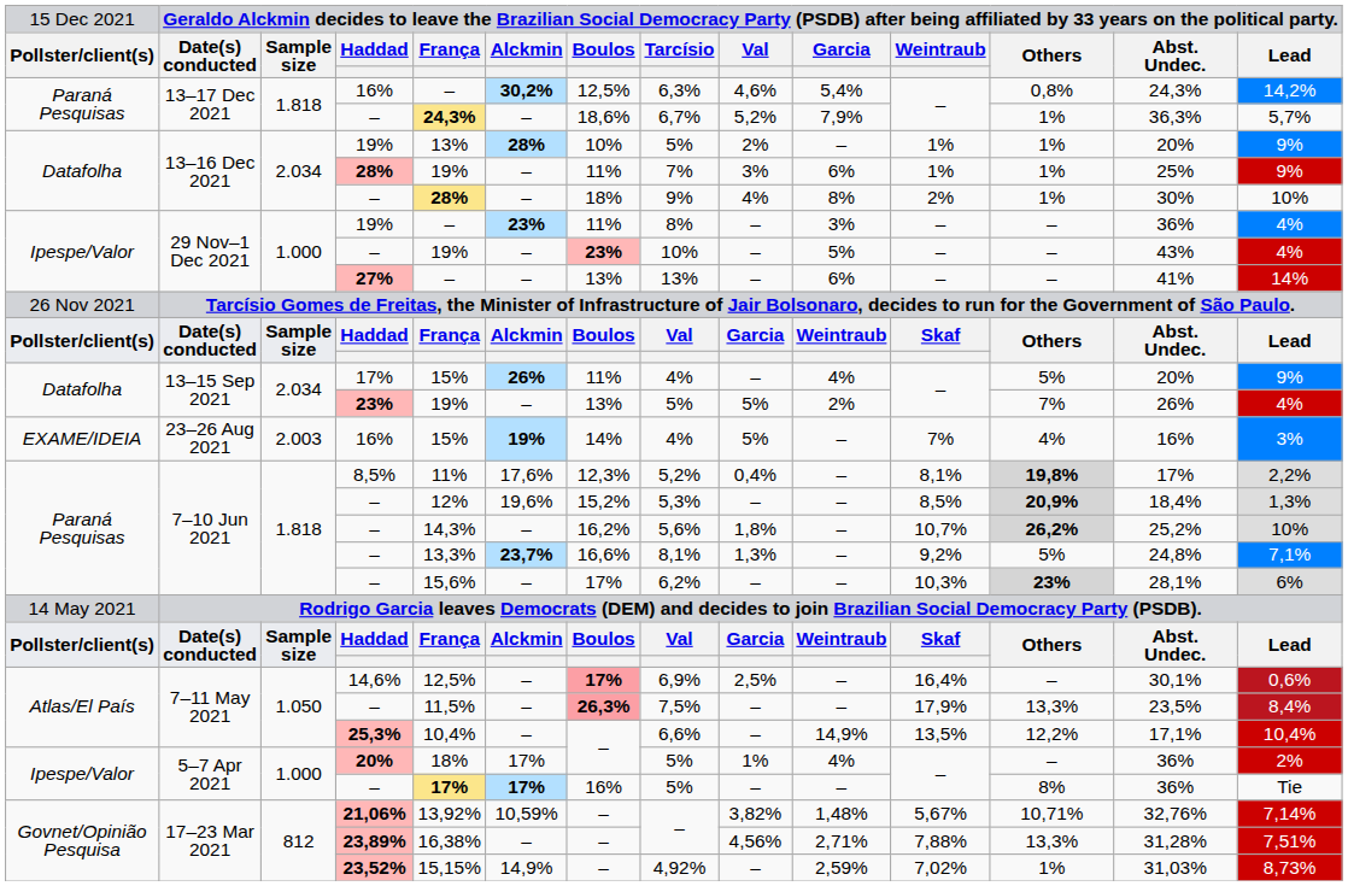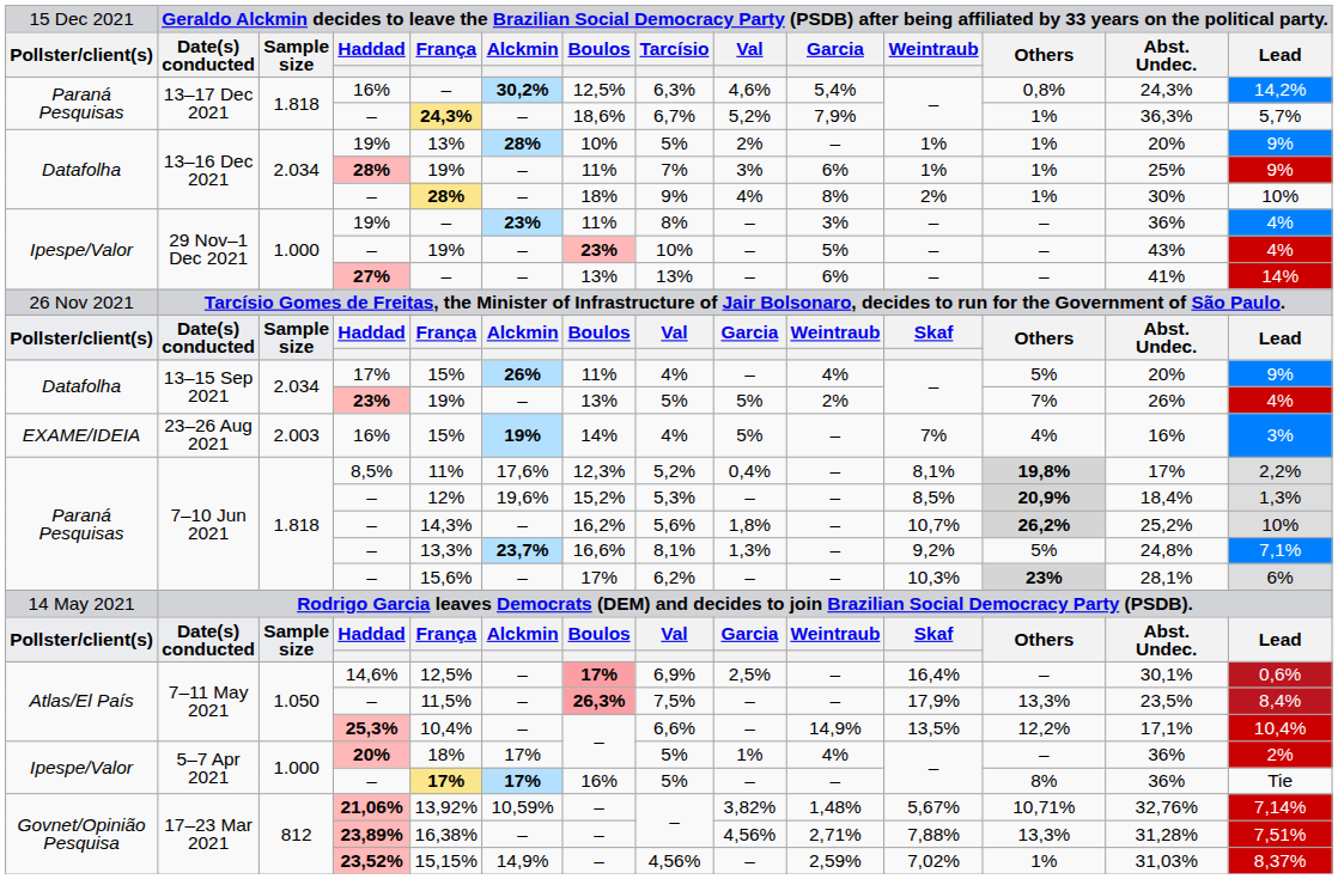 <table class="wikitable sortable" style="text-align:center;font-size:90%;line-height:14px;">
 <tr>
 <td data-sort-type="number" class="sortable" style="background:#d1d3d7;">15 Dec 2021</td>
 <td colspan="13"  data-sort-type="number" class="sortable" style="background:#d1d3d7;"><strong><a href='#'>Geraldo Alckmin</a> decides to leave the <a href='#'>Brazilian Social Democracy Party</a> (PSDB) after being affiliated by 33 years on the political party.</strong></td>
 </tr>
 <tr>
 <th rowspan="2">Pollster/client(s)</th>
 <th rowspan="2">Date(s)<br>conducted</th>
 <th rowspan="2" data-sort-type="number">Sample<br>size</th>
 <th class="unsortable" style="width:50px;"><a href='#'>Haddad</a><br></th>
 <th class="unsortable" style="width:50px;"><a href='#'>França</a><br></th>
 <th class="unsortable" style="width:50px;"><a href='#'>Alckmin</a><br></th>
 <th class="unsortable" style="width:50px;"><a href='#'>Boulos</a><br></th>
 <th class="unsortable" style="width:50px;"><a href='#'>Tarcísio</a><br></th>
 <th class="unsortable" style="width:50px;"><a href='#'>Val</a><br></th>
 <th class="unsortable" style="width:50px;"><a href='#'>Garcia</a><br></th>
 <th class="unsortable" style="width:50px;"><a href='#'>Weintraub</a><br></th>
 <th rowspan="2" class="unsortable">Others</th>
 <th rowspan="2" class="unsortable">Abst.<br>Undec.</th>
 <th rowspan="2" data-sort-type="number">Lead</th>
 </tr>
 <tr>
 <th data-sort-type="number" class="sortable" style="background:"></th>
 <th data-sort-type="number" class="sortable" style="background:"></th>
 <th data-sort-type="number" class="sortable" style="background:"></th>
 <th data-sort-type="number" class="sortable" style="background:"></th>
 <th data-sort-type="number" class="sortable" style="background:"></th>
 <th data-sort-type="number" class="sortable" style="background:"></th>
 <th data-sort-type="number" class="sortable" style="background:"></th>
 <th data-sort-type="number" class="sortable" style="background:"></th>
 </tr>
 <tr>
 <td rowspan="2"><em>Paraná Pesquisas</em></td>
 <td rowspan="2">13–17 Dec 2021</td>
 <td rowspan="2">1.818</td>
 <td>16%</td>
 <td>–</td>
 <td style="background:#B3E0FF;"><strong>30,2%</strong></td>
 <td>12,5%</td>
 <td>6,3%</td>
 <td>4,6%</td>
 <td>5,4%</td>
 <td rowspan="2">–</td>
 <td>0,8%</td>
 <td>24,3%</td>
 <td style="background:#0080FF;color:#FFFFFF;">14,2%</td>
 </tr>
 <tr>
 <td>–</td>
 <td style="background:#fce68b;"><strong>24,3%</strong></td>
 <td>–</td>
 <td>18,6%</td>
 <td>6,7%</td>
 <td>5,2%</td>
 <td>7,9%</td>
 <td>1%</td>
 <td>36,3%</td>
 <td style="background:">5,7%</td>
 </tr>
 <tr>
 <td rowspan="3"><em>Datafolha</em></td>
 <td rowspan="3">13–16 Dec 2021</td>
 <td rowspan="3">2.034</td>
 <td>19%</td>
 <td>13%</td>
 <td style="background:#B3E0FF;"><strong>28%</strong></td>
 <td>10%</td>
 <td>5%</td>
 <td>2%</td>
 <td>–</td>
 <td>1%</td>
 <td>1%</td>
 <td>20%</td>
 <td style="background:#0080FF;color:#FFFFFF">9%</td>
 </tr>
 <tr>
 <td style="background:#ffb7b7;"><strong>28%</strong></td>
 <td>19%</td>
 <td>–</td>
 <td>11%</td>
 <td>7%</td>
 <td>3%</td>
 <td>6%</td>
 <td>1%</td>
 <td>1%</td>
 <td>25%</td>
 <td style="background:#CC0000;color:#FFFFFF;">9%</td>
 </tr>
 <tr>
 <td>–</td>
 <td style="background:#FCE68B;"><strong>28%</strong></td>
 <td>–</td>
 <td>18%</td>
 <td>9%</td>
 <td>4%</td>
 <td>8%</td>
 <td>2%</td>
 <td>1%</td>
 <td>30%</td>
 <td style="background:">10%</td>
 </tr>
 <tr>
 <td rowspan="3"><em>Ipespe/Valor</em></td>
 <td rowspan="3">29 Nov–1 Dec 2021</td>
 <td rowspan="3">1.000</td>
 <td>19%</td>
 <td>–</td>
 <td style="background:#B3E0FF;"><strong>23%</strong></td>
 <td>11%</td>
 <td>8%</td>
 <td>–</td>
 <td>3%</td>
 <td>–</td>
 <td>–</td>
 <td>36%</td>
 <td style="background:#0080FF;color:#FFFFFF">4%</td>
 </tr>
 <tr>
 <td>–</td>
 <td>19%</td>
 <td>–</td>
 <td style="background:#ffb7b7;"><strong>23%</strong></td>
 <td>10%</td>
 <td>–</td>
 <td>5%</td>
 <td>–</td>
 <td>–</td>
 <td>43%</td>
 <td style="background:#CC0000;color:#FFFFFF;">4%</td>
 </tr>
 <tr>
 <td style="background:#ffb7b7;"><strong>27%</strong></td>
 <td>–</td>
 <td>–</td>
 <td>13%</td>
 <td>13%</td>
 <td>–</td>
 <td>6%</td>
 <td>–</td>
 <td>–</td>
 <td>41%</td>
 <td style="background:#CC0000;color:#FFFFFF;">14%</td>
 </tr>
 <tr>
 <td data-sort-type="number" class="sortable" style="background:#d1d3d7;">26 Nov 2021</td>
 <td colspan="13" style="background:#d1d3d7;"><strong><a href='#'>Tarcísio Gomes de Freitas</a>, the Minister of Infrastructure of <a href='#'>Jair Bolsonaro</a>, decides to run for the Government of <a href='#'>São Paulo</a>.</strong> </td>
 </tr>
 <tr>
 <td rowspan="2" class="unsortable" style="width:50px;background:#eaecf0;"><strong>Pollster/client(s)</strong></td>
 <td rowspan="2" class="unsortable" style="width:50px;background:#eaecf0;"><strong>Date(s)<br>conducted</strong></td>
 <td rowspan="2" class="unsortable" style="width:50px;background:#eaecf0;"><strong>Sample<br>size</strong></td>
 <th class="unsortable" style="width:50px;"><a href='#'>Haddad</a><br></th>
 <th class="unsortable" style="width:50px;"><a href='#'>França</a><br></th>
 <th class="unsortable" style="width:50px;"><a href='#'>Alckmin</a><br></th>
 <th class="unsortable" style="width:50px;"><a href='#'>Boulos</a><br></th>
 <th class="unsortable" style="width:50px;"><a href='#'>Val</a><br></th>
 <th class="unsortable" style="width:50px;"><a href='#'>Garcia</a><br></th>
 <th class="unsortable" style="width:50px;"><a href='#'>Weintraub</a><br></th>
 <th class="unsortable" style="width:50px;"><a href='#'>Skaf</a><br></th>
 <th rowspan="2" class="unsortable">Others</th>
 <th rowspan="2" class="unsortable">Abst.<br>Undec.</th>
 <th rowspan="2" data-sort-type="number">Lead</th>
 </tr>
 <tr>
 <th data-sort-type="number" class="sortable" style="background:"></th>
 <th data-sort-type="number" class="sortable" style="background:"></th>
 <th data-sort-type="number" class="sortable" style="background:"></th>
 <th data-sort-type="number" class="sortable" style="background:"></th>
 <th data-sort-type="number" class="sortable" style="background:"></th>
 <th data-sort-type="number" class="sortable" style="background:"></th>
 <th data-sort-type="number" class="sortable" style="background:"></th>
 <th data-sort-type="number" class="sortable" style="background:"></th>
 </tr>
 <tr>
 <td rowspan="2"><em>Datafolha</em></td>
 <td rowspan="2">13–15 Sep 2021</td>
 <td rowspan="2">2.034</td>
 <td>17%</td>
 <td>15%</td>
 <td style="background:#B3E0FF;"><strong>26%</strong></td>
 <td>11%</td>
 <td>4%</td>
 <td>–</td>
 <td>4%</td>
 <td rowspan="2">–</td>
 <td>5%</td>
 <td>20%</td>
 <td style="background:#0080FF;color:#FFFFFF">9%</td>
 </tr>
 <tr>
 <td style="background:#ffb7b7;"><strong>23%</strong></td>
 <td>19%</td>
 <td>–</td>
 <td>13%</td>
 <td>5%</td>
 <td>5%</td>
 <td>2%</td>
 <td>7%</td>
 <td>26%</td>
 <td style="background:#CC0000;color:#FFFFFF;">4%</td>
 </tr>
 <tr>
 <td><em>EXAME/IDEIA</em></td>
 <td>23–26 Aug 2021</td>
 <td>2.003</td>
 <td>16%</td>
 <td>15%</td>
 <td style="background:#B3E0FF;"><strong>19%</strong></td>
 <td>14%</td>
 <td>4%</td>
 <td>5%</td>
 <td>–</td>
 <td>7%</td>
 <td>4%</td>
 <td>16%</td>
 <td style="background:#0080FF;color:#FFFFFF">3%</td>
 </tr>
 <tr>
 <td rowspan="5"><em>Paraná Pesquisas</em></td>
 <td rowspan="5">7–10 Jun 2021</td>
 <td rowspan="5">1.818</td>
 <td>8,5%</td>
 <td>11%</td>
 <td>17,6%</td>
 <td>12,3%</td>
 <td>5,2%</td>
 <td>0,4%</td>
 <td>–</td>
 <td>8,1%</td>
 <td style="background:#D5D5D5;"><strong>19,8%</strong></td>
 <td>17%</td>
 <td style="background:#DDDDDD;">2,2%</td>
 </tr>
 <tr>
 <td>–</td>
 <td>12%</td>
 <td>19,6%</td>
 <td>15,2%</td>
 <td>5,3%</td>
 <td>–</td>
 <td>–</td>
 <td>8,5%</td>
 <td style="background:#D5D5D5;"><strong>20,9%</strong></td>
 <td>18,4%</td>
 <td style="background:#DDDDDD;">1,3%</td>
 </tr>
 <tr>
 <td>–</td>
 <td>14,3%</td>
 <td>–</td>
 <td>16,2%</td>
 <td>5,6%</td>
 <td>1,8%</td>
 <td>–</td>
 <td>10,7%</td>
 <td style="background:#D5D5D5;"><strong>26,2%</strong></td>
 <td>25,2%</td>
 <td style="background:#DDDDDD;">10%</td>
 </tr>
 <tr>
 <td>–</td>
 <td>13,3%</td>
 <td style="background:#B3E0FF;"><strong>23,7%</strong></td>
 <td>16,6%</td>
 <td>8,1%</td>
 <td>1,3%</td>
 <td>–</td>
 <td>9,2%</td>
 <td>5%</td>
 <td>24,8%</td>
 <td style="background:#0080FF;color:#FFFFFF">7,1%</td>
 </tr>
 <tr>
 <td>–</td>
 <td>15,6%</td>
 <td>–</td>
 <td>17%</td>
 <td>6,2%</td>
 <td>–</td>
 <td>–</td>
 <td>10,3%</td>
 <td style="background:#D5D5D5;"><strong>23%</strong></td>
 <td>28,1%</td>
 <td style="background:#DDDDDD;">6%</td>
 </tr>
 <tr>
 <td data-sort-type="number" class="sortable" style="background:#d1d3d7;">14 May 2021</td>
 <td colspan="13" style="background:#d1d3d7;"><strong><a href='#'>Rodrigo Garcia</a> leaves <a href='#'>Democrats</a> (DEM) and decides to join <a href='#'>Brazilian Social Democracy Party</a> (PSDB).</strong></td>
 </tr>
 <tr>
 <td rowspan="2" class="unsortable" style="width:50px;background:#eaecf0;"><strong>Pollster/client(s)</strong></td>
 <td rowspan="2" class="unsortable" style="width:50px;background:#eaecf0;"><strong>Date(s)<br>conducted</strong></td>
 <td rowspan="2" class="unsortable" style="width:50px;background:#eaecf0;"><strong>Sample<br>size</strong></td>
 <th class="unsortable" style="width:50px;"><a href='#'>Haddad</a><br></th>
 <th class="unsortable" style="width:50px;"><a href='#'>França</a><br></th>
 <th class="unsortable" style="width:50px;"><a href='#'>Alckmin</a><br></th>
 <th class="unsortable" style="width:50px;"><a href='#'>Boulos</a><br></th>
 <th class="unsortable" style="width:50px;"><a href='#'>Val</a><br></th>
 <th class="unsortable" style="width:50px;"><a href='#'>Garcia</a><br></th>
 <th class="unsortable" style="width:50px;"><a href='#'>Weintraub</a><br></th>
 <th class="unsortable" style="width:50px;"><a href='#'>Skaf</a><br></th>
 <th rowspan="2" class="unsortable">Others</th>
 <th rowspan="2" class="unsortable">Abst.<br>Undec.</th>
 <th rowspan="2" data-sort-type="number"><strong>Lead</strong></th>
 </tr>
 <tr>
 <th data-sort-type="number" class="sortable" style="background:"></th>
 <th data-sort-type="number" class="sortable" style="background:"></th>
 <th data-sort-type="number" class="sortable" style="background:"></th>
 <th data-sort-type="number" class="sortable" style="background:"></th>
 <th data-sort-type="number" class="sortable" style="background:"></th>
 <th data-sort-type="number" class="sortable" style="background:"></th>
 <th data-sort-type="number" class="sortable" style="background:"></th>
 <th data-sort-type="number" class="sortable" style="background:"></th>
 </tr>
 <tr>
 <td rowspan="3"><em>Atlas/El País</em></td>
 <td rowspan="3">7–11 May 2021</td>
 <td rowspan="3">1.050</td>
 <td>14,6%</td>
 <td>12,5%</td>
 <td>–</td>
 <td style="background:#FC9FA5;"><strong>17%</strong></td>
 <td>6,9%</td>
 <td>2,5%</td>
 <td>–</td>
 <td>16,4%</td>
 <td>–</td>
 <td>30,1%</td>
 <td style="background:#BB151F;color:#FFFFFF;">0,6%</td>
 </tr>
 <tr>
 <td>–</td>
 <td>11,5%</td>
 <td>–</td>
 <td style="background:#FC9FA5;"><strong>26,3%</strong></td>
 <td>7,5%</td>
 <td>–</td>
 <td>–</td>
 <td>17,9%</td>
 <td>13,3%</td>
 <td>23,5%</td>
 <td style="background:#BB151F;color:#FFFFFF;">8,4%</td>
 </tr>
 <tr>
 <td style="background:#ffb7b7;"><strong>25,3%</strong></td>
 <td>10,4%</td>
 <td>–</td>
 <td rowspan="2">–</td>
 <td>6,6%</td>
 <td>–</td>
 <td>14,9%</td>
 <td>13,5%</td>
 <td>12,2%</td>
 <td>17,1%</td>
 <td style="background:#CC0000;color:#FFFFFF;">10,4%</td>
 </tr>
 <tr>
 <td rowspan="2"><em>Ipespe/Valor</em></td>
 <td rowspan="2">5–7 Apr 2021</td>
 <td rowspan="2">1.000</td>
 <td style="background:#ffb7b7;"><strong>20%</strong></td>
 <td>18%</td>
 <td>17%</td>
 <td>5%</td>
 <td>1%</td>
 <td>4%</td>
 <td rowspan="2">–</td>
 <td>–</td>
 <td>36%</td>
 <td style="background:#CC0000;color:#FFFFFF;">2%</td>
 </tr>
 <tr>
 <td>–</td>
 <td style="background:#FCE68B;"><strong>17%</strong></td>
 <td style="background:#B3E0FF;"><strong>17%</strong></td>
 <td>16%</td>
 <td>5%</td>
 <td>–</td>
 <td>–</td>
 <td>8%</td>
 <td>36%</td>
 <td>Tie</td>
 </tr>
 <tr>
 <td rowspan="3"><em>Govnet/Opinião Pesquisa</em></td>
 <td rowspan="3">17–23 Mar 2021</td>
 <td rowspan="3">812</td>
 <td style="background:#ffb7b7;"><strong>21,06%</strong></td>
 <td>13,92%</td>
 <td>10,59%</td>
 <td>–</td>
 <td rowspan="2">–</td>
 <td>3,82%</td>
 <td>1,48%</td>
 <td>5,67%</td>
 <td>10,71%</td>
 <td>32,76%</td>
 <td style="background:#CC0000;color:#FFFFFF;">7,14%</td>
 </tr>
 <tr>
 <td style="background:#ffb7b7;"><strong>23,89%</strong></td>
 <td>16,38%</td>
 <td>–</td>
 <td>–</td>
 <td>4,56%</td>
 <td>2,71%</td>
 <td>7,88%</td>
 <td>13,3%</td>
 <td>31,28%</td>
 <td style="background:#CC0000;color:#FFFFFF;">7,51%</td>
 </tr>
 <tr>
 <td style="background:#ffb7b7;"><strong>23,52%</strong></td>
 <td>15,15%</td>
 <td>14,9%</td>
 <td>–</td>
-<td>4,92%</td>
+<td>4,56%</td>
 <td>–</td>
 <td>2,59%</td>
 <td>7,02%</td>
 <td>1%</td>
 <td>31,03%</td>
-<td style="background:#CC0000;color:#FFFFFF;">8,73%</td>
+<td style="background:#CC0000;color:#FFFFFF;">8,37%</td>
 </tr>
 </table>
